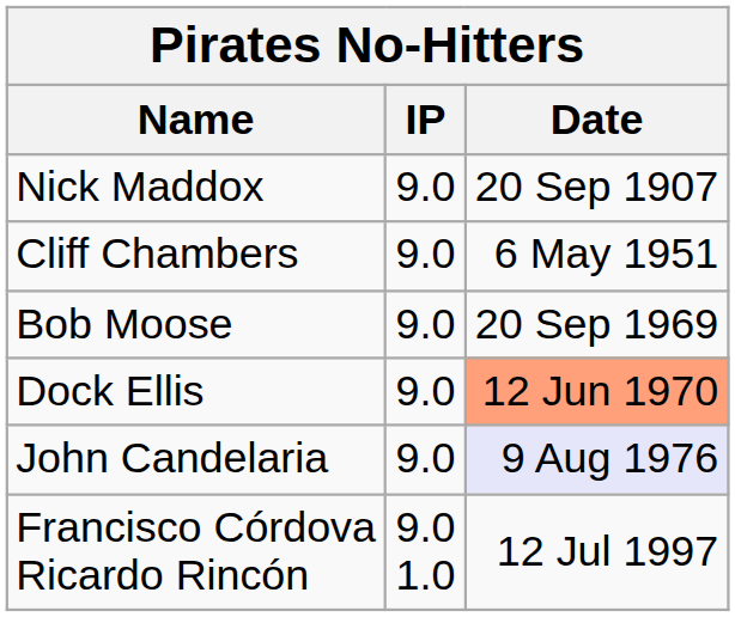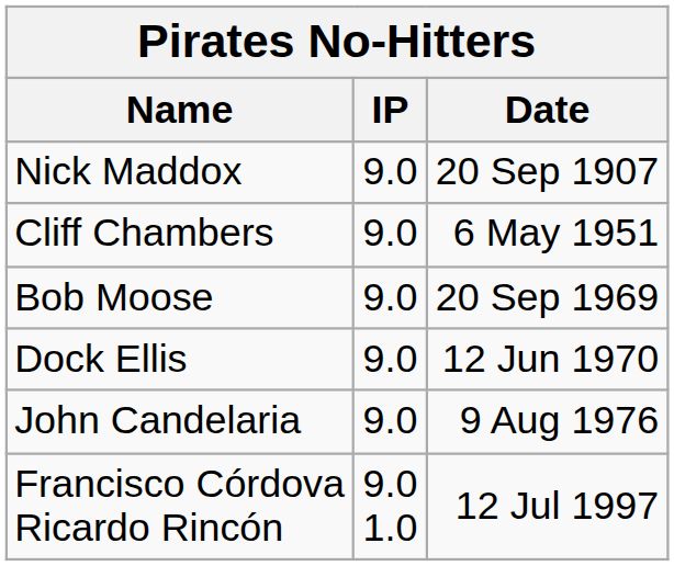 <table style="float:right;"  class="wikitable">
 <tr>
 <th colspan="5"><big>Pirates No-Hitters</big></th>
 </tr>
 <tr>
 <th><strong>Name</strong></th>
 <th><strong>IP</strong></th>
 <th><strong>Date</strong></th>
 </tr>
 <tr>
 <td>Nick Maddox</td>
 <td>9.0</td>
 <td align=right>20 Sep 1907</td>
 </tr>
 <tr>
 <td>Cliff Chambers</td>
 <td>9.0</td>
 <td align=right>6 May 1951</td>
 </tr>
 <tr>
 <td>Bob Moose</td>
 <td>9.0</td>
 <td align=right>20 Sep 1969</td>
 </tr>
 <tr>
 <td>Dock Ellis</td>
 <td>9.0</td>
-<td align=right style="background: lightsalmon;">12 Jun 1970</td>
+<td align=right>12 Jun 1970</td>
 </tr>
 <tr>
 <td>John Candelaria</td>
 <td>9.0</td>
-<td align=right style="background: lavender;">9 Aug 1976</td>
+<td align=right>9 Aug 1976</td>
 </tr>
 <tr>
 <td>Francisco Córdova<br>Ricardo Rincón</td>
 <td>9.0<br>1.0</td>
 <td align=right>12 Jul 1997</td>
 </tr>
 </table>
